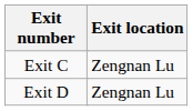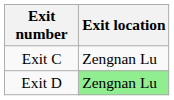 <table class="wikitable">
 <tr>
 <th style="width:70px" colspan="2">Exit number</th>
 <th>Exit location</th>
 </tr>
 <tr>
 <td align="center" colspan="2">Exit C</td>
 <td>Zengnan Lu</td>
 </tr>
 <tr>
 <td align="center" colspan="2">Exit D</td>
-<td>Zengnan Lu</td>
+<td style="background: lightgreen;">Zengnan Lu</td>
 </tr>
 </table>
